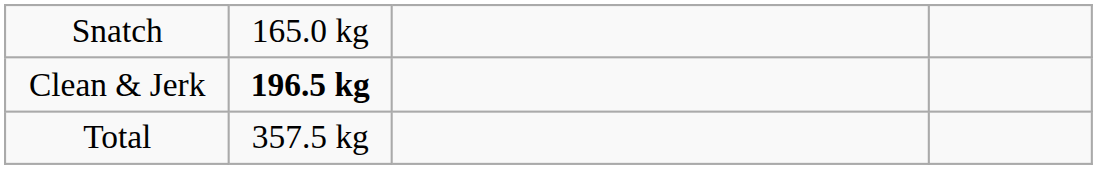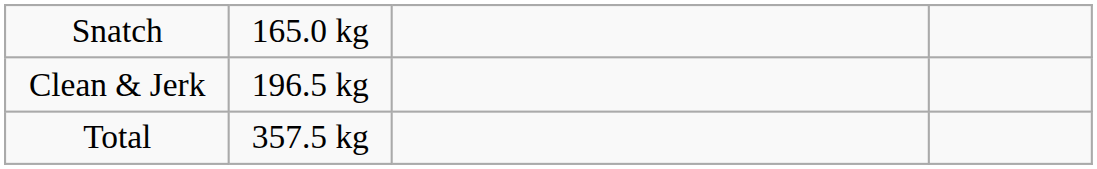 <table class = "wikitable" style="text-align:center;">
 <tr>
 <td width=100>Snatch</td>
 <td width=70>165.0 kg</td>
 <td width=250 align=left></td>
 <td width=70></td>
 </tr>
 <tr>
 <td>Clean & Jerk</td>
-<td><strong>196.5 kg</strong></td>
+<td>196.5 kg</td>
 <td align=left></td>
 <td></td>
 </tr>
 <tr>
 <td>Total</td>
 <td>357.5 kg</td>
 <td align=left></td>
 <td></td>
 </tr>
 </table>
